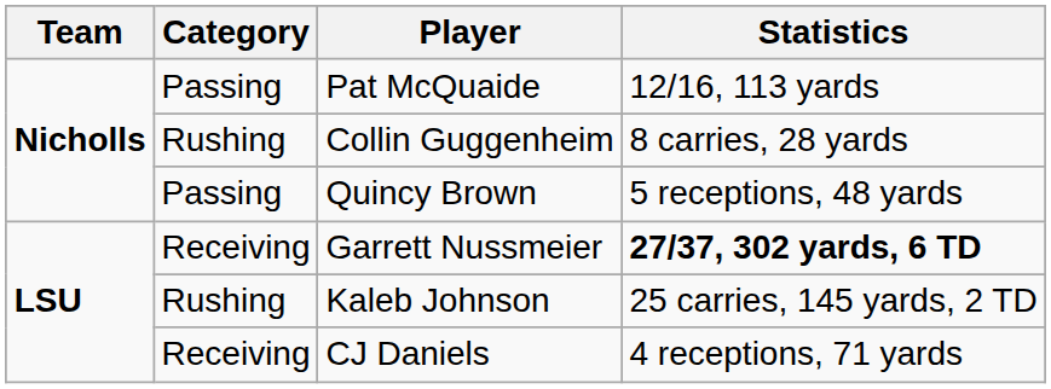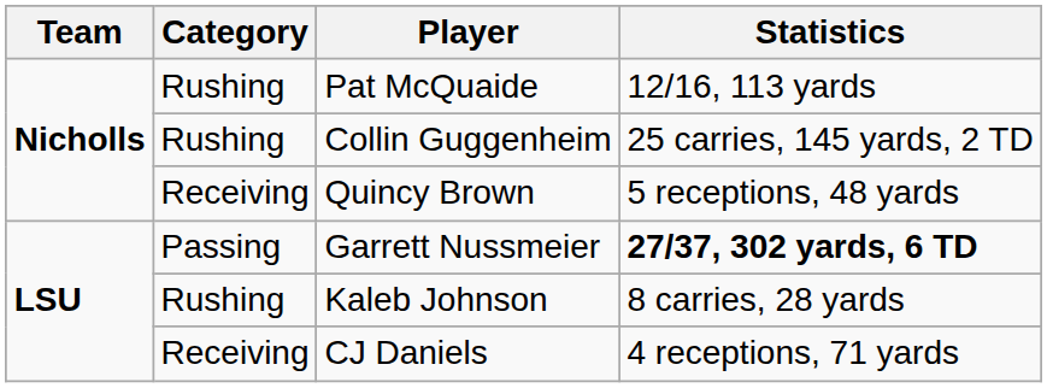 <table class="wikitable" style="float: right;">
 <tr>
 <th>Team</th>
 <th>Category</th>
 <th>Player</th>
 <th>Statistics</th>
 </tr>
 <tr>
 <td rowspan=3><strong>Nicholls</strong></td>
-<td>Passing</td>
+<td>Rushing</td>
 <td>Pat McQuaide</td>
 <td>12/16, 113 yards</td>
 </tr>
 <tr>
 <td>Rushing</td>
 <td>Collin Guggenheim</td>
-<td>8 carries, 28 yards</td>
+<td>25 carries, 145 yards, 2 TD</td>
 </tr>
 <tr>
-<td>Passing</td>
+<td>Receiving</td>
 <td>Quincy Brown</td>
 <td>5 receptions, 48 yards</td>
 </tr>
 <tr>
 <td rowspan=3><strong>LSU</strong></td>
-<td>Receiving</td>
+<td>Passing</td>
 <td>Garrett Nussmeier</td>
 <td><strong>27/37, 302 yards, 6 TD</strong></td>
 </tr>
 <tr>
 <td>Rushing</td>
 <td>Kaleb Johnson</td>
-<td>25 carries, 145 yards, 2 TD</td>
+<td>8 carries, 28 yards</td>
 </tr>
 <tr>
 <td>Receiving</td>
 <td>CJ Daniels</td>
 <td>4 receptions, 71 yards</td>
 </tr>
 </table>
